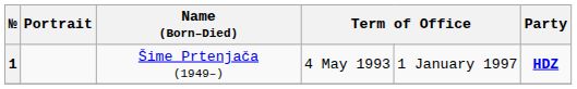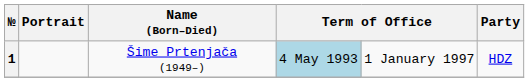 <table class="wikitable" style="text-align:center">
 <tr ->
 <th>№</th>
 <th>Portrait</th>
 <th width=180>Name<br><small>(Born–Died)</small></th>
 <th colspan=2>Term of Office</th>
 <th>Party</th>
 </tr>
 <tr ->
 <th style="background:">1</th>
 <td></td>
 <td><a href='#'>Šime Prtenjača</a><br><small>(1949–)</small></td>
-<td>4 May 1993</td>
+<td style="background: lightblue;">4 May 1993</td>
 <td>1 January 1997</td>
-<td><strong><a href='#'>HDZ</a></strong></td>
+<td><a href='#'>HDZ</a></td>
 </tr>
 <tr ->
 </tr>
 </table>
